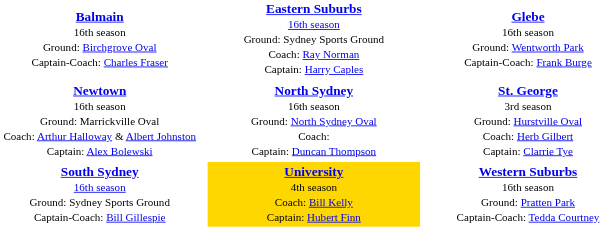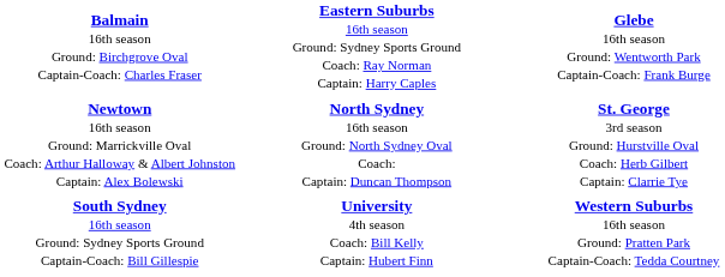 <table align="center" class="toccolours" style="text-valign: center;" cellpadding=3 cellspacing=2>
 <tr>
 <th width=250></th>
 <th width=250></th>
 <th width=250></th>
 </tr>
 <tr>
 <td align="center"><strong><a href='#'>Balmain</a></strong><br><small>16th season<br>Ground: <a href='#'>Birchgrove Oval</a><br>Captain-Coach: <a href='#'>Charles Fraser</a> <br> </small></td>
 <td align="center"><strong><a href='#'>Eastern Suburbs</a></strong><br><small><a href='#'>16th season</a><br>Ground: Sydney Sports Ground <br>Coach: <a href='#'>Ray Norman</a><br>Captain: <a href='#'>Harry Caples</a></small></td>
 <td align="center"><strong><a href='#'>Glebe</a></strong><br><small>16th season<br>Ground: <a href='#'>Wentworth Park</a> <br>Captain-Coach: <a href='#'>Frank Burge</a> <br></small></td>
 </tr>
 <tr>
 <td align="center"><strong><a href='#'>Newtown</a></strong><br><small>16th season<br>Ground: Marrickville Oval <br>Coach: <a href='#'>Arthur Halloway</a> & <a href='#'>Albert Johnston</a><br>Captain: <a href='#'>Alex Bolewski</a> </small></td>
 <td align="center"><strong><a href='#'>North Sydney</a></strong><br><small>16th season<br>Ground: <a href='#'>North Sydney Oval</a>  <br>Coach: <br>Captain: <a href='#'>Duncan Thompson</a> </small></td>
 <td align="center"><strong><a href='#'>St. George</a></strong><br><small>3rd season<br>Ground: <a href='#'>Hurstville Oval</a> <br>Coach: <a href='#'>Herb Gilbert</a> <br>Captain: <a href='#'>Clarrie Tye</a></small></td>
 </tr>
 <tr>
 <td align="center"><strong><a href='#'>South Sydney</a></strong><br><small><a href='#'>16th season</a><br>Ground: Sydney Sports Ground <br>Captain-Coach: <a href='#'>Bill Gillespie</a> </small></td>
-<td align="center" style="background: gold;"><strong><a href='#'>University</a></strong><br><small>4th season<br>Coach: <a href='#'>Bill Kelly</a><br>Captain: <a href='#'>Hubert Finn</a></small></td>
+<td align="center"><strong><a href='#'>University</a></strong><br><small>4th season<br>Coach: <a href='#'>Bill Kelly</a><br>Captain: <a href='#'>Hubert Finn</a></small></td>
 <td align="center"><strong><a href='#'>Western Suburbs</a></strong><br><small>16th season<br>Ground: <a href='#'>Pratten Park</a><br>Captain-Coach: <a href='#'>Tedda Courtney</a> </small></td>
 </tr>
 </table>
